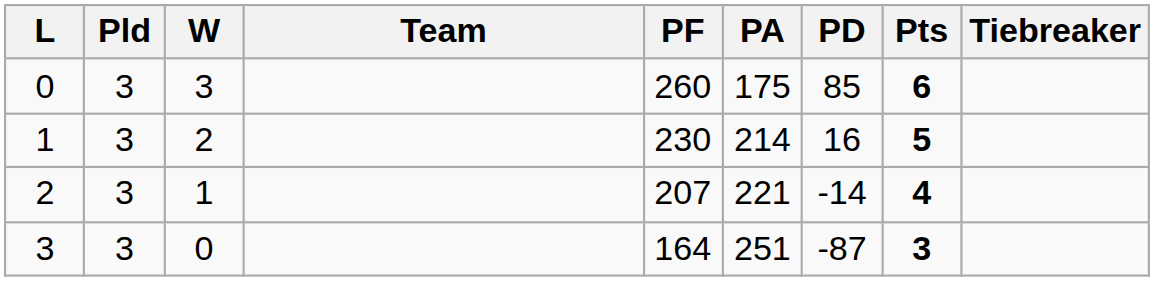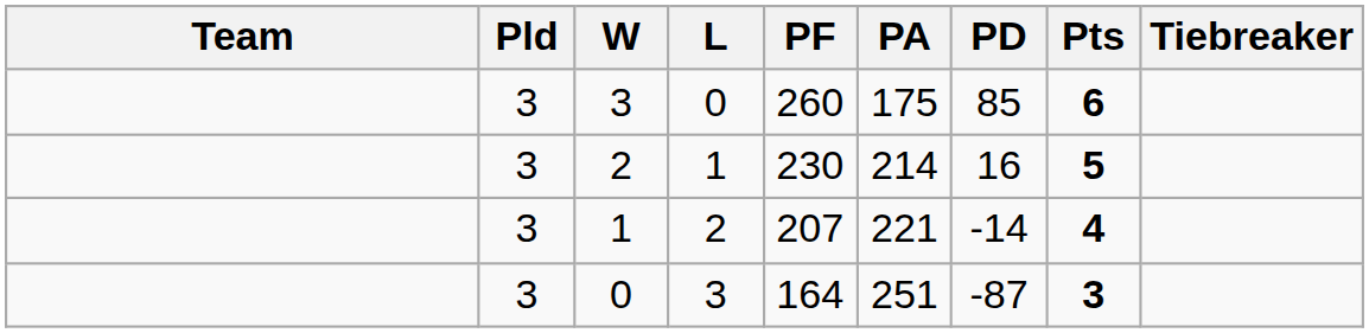 <table class="wikitable" style="text-align:center;">
 <tr>
-<th width=30>L</th>
+<th width=180>Team</th>
 <th width=30>Pld</th>
 <th width=30>W</th>
-<th width=180>Team</th>
+<th width=30>L</th>
 <th width=30>PF</th>
 <th width=30>PA</th>
 <th width=30>PD</th>
 <th width=30>Pts</th>
 <th width=80>Tiebreaker</th>
 </tr>
 <tr>
-<td>0</td>
+<td align="left"></td>
 <td>3</td>
 <td>3</td>
-<td align="left"></td>
+<td>0</td>
 <td>260</td>
 <td>175</td>
 <td>85</td>
 <td><strong>6</strong></td>
 <td></td>
 </tr>
 <tr>
-<td>1</td>
+<td align="left"></td>
 <td>3</td>
 <td>2</td>
-<td align="left"></td>
+<td>1</td>
 <td>230</td>
 <td>214</td>
 <td>16</td>
 <td><strong>5</strong></td>
 <td></td>
 </tr>
 <tr>
-<td>2</td>
+<td align="left"></td>
 <td>3</td>
 <td>1</td>
-<td align="left"></td>
+<td>2</td>
 <td>207</td>
 <td>221</td>
 <td>-14</td>
 <td><strong>4</strong></td>
 <td></td>
 </tr>
 <tr>
-<td>3</td>
+<td align="left"></td>
 <td>3</td>
 <td>0</td>
-<td align="left"></td>
+<td>3</td>
 <td>164</td>
 <td>251</td>
 <td>-87</td>
 <td><strong>3</strong></td>
 <td></td>
 </tr>
 </table>
